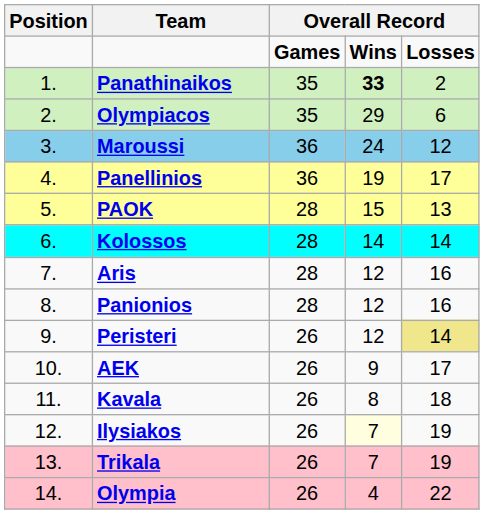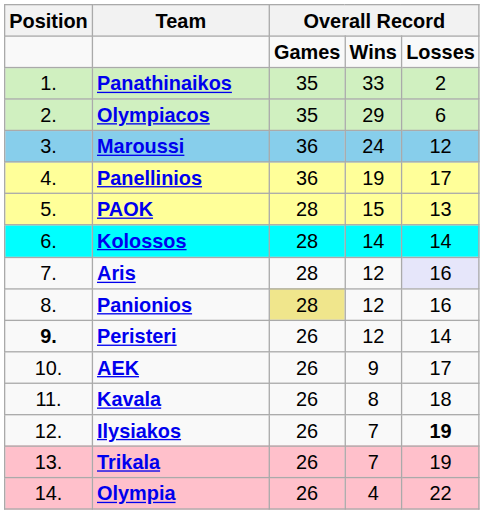 <table class="wikitable" style="text-align: center; font-size:95%">
 <tr>
 <th width="44">Position</th>
 <th width="128">Team</th>
 <th colspan=4>Overall Record</th>
 </tr>
 <tr>
 <td></td>
 <td></td>
 <td width="30"><strong>Games</strong></td>
 <td width="30"><strong>Wins</strong></td>
 <td width="30"><strong>Losses</strong></td>
 </tr>
 <tr bgcolor="D0F0C0">
 <td>1.</td>
 <td align="left"><strong><a href='#'>Panathinaikos</a></strong></td>
 <td>35</td>
-<td><strong>33</strong></td>
+<td>33</td>
 <td>2</td>
 </tr>
 <tr bgcolor="D0F0C0">
 <td>2.</td>
 <td align="left"><strong><a href='#'>Olympiacos</a></strong></td>
 <td>35</td>
 <td>29</td>
 <td>6</td>
 </tr>
 <tr bgcolor="87ceeb">
 <td>3.</td>
 <td align="left"><strong><a href='#'>Maroussi</a></strong></td>
 <td>36</td>
 <td>24</td>
 <td>12</td>
 </tr>
 <tr bgcolor="FFFF99">
 <td>4.</td>
 <td align="left"><strong><a href='#'>Panellinios</a></strong></td>
 <td>36</td>
 <td>19</td>
 <td>17</td>
 </tr>
 <tr bgcolor="FFFF99">
 <td>5.</td>
 <td align="left"><strong><a href='#'>PAOK</a></strong></td>
 <td>28</td>
 <td>15</td>
 <td>13</td>
 </tr>
 <tr bgcolor="00FFFF">
 <td>6.</td>
 <td align="left"><strong><a href='#'>Kolossos</a></strong></td>
 <td>28</td>
 <td>14</td>
 <td>14</td>
 </tr>
 <tr>
 <td>7.</td>
 <td align="left"><strong><a href='#'>Aris</a></strong></td>
 <td>28</td>
 <td>12</td>
-<td>16</td>
+<td style="background: lavender;">16</td>
 </tr>
 <tr>
 <td>8.</td>
 <td align="left"><strong><a href='#'>Panionios</a></strong></td>
-<td>28</td>
+<td style="background: khaki;">28</td>
 <td>12</td>
 <td>16</td>
 </tr>
 <tr>
-<td>9.</td>
+<td><strong>9.</strong></td>
 <td align="left"><strong><a href='#'>Peristeri</a></strong></td>
 <td>26</td>
 <td>12</td>
-<td style="background: khaki;">14</td>
+<td>14</td>
 </tr>
 <tr>
 <td>10.</td>
 <td align="left"><strong><a href='#'>AEK</a></strong></td>
 <td>26</td>
 <td>9</td>
 <td>17</td>
 </tr>
 <tr>
 <td>11.</td>
 <td align="left"><strong><a href='#'>Kavala</a></strong></td>
 <td>26</td>
 <td>8</td>
 <td>18</td>
 </tr>
 <tr>
 <td>12.</td>
 <td align="left"><strong><a href='#'>Ilysiakos</a></strong></td>
 <td>26</td>
-<td style="background: lightyellow;">7</td>
-<td>19</td>
+<td>7</td>
+<td><strong>19</strong></td>
 </tr>
 <tr bgcolor="ffc0cb">
 <td>13.</td>
 <td align="left"><strong><a href='#'>Trikala</a></strong></td>
 <td>26</td>
 <td>7</td>
 <td>19</td>
 </tr>
 <tr bgcolor="ffc0cb">
 <td>14.</td>
 <td align="left"><strong><a href='#'>Olympia</a></strong></td>
 <td>26</td>
 <td>4</td>
 <td>22</td>
 </tr>
 </table>
